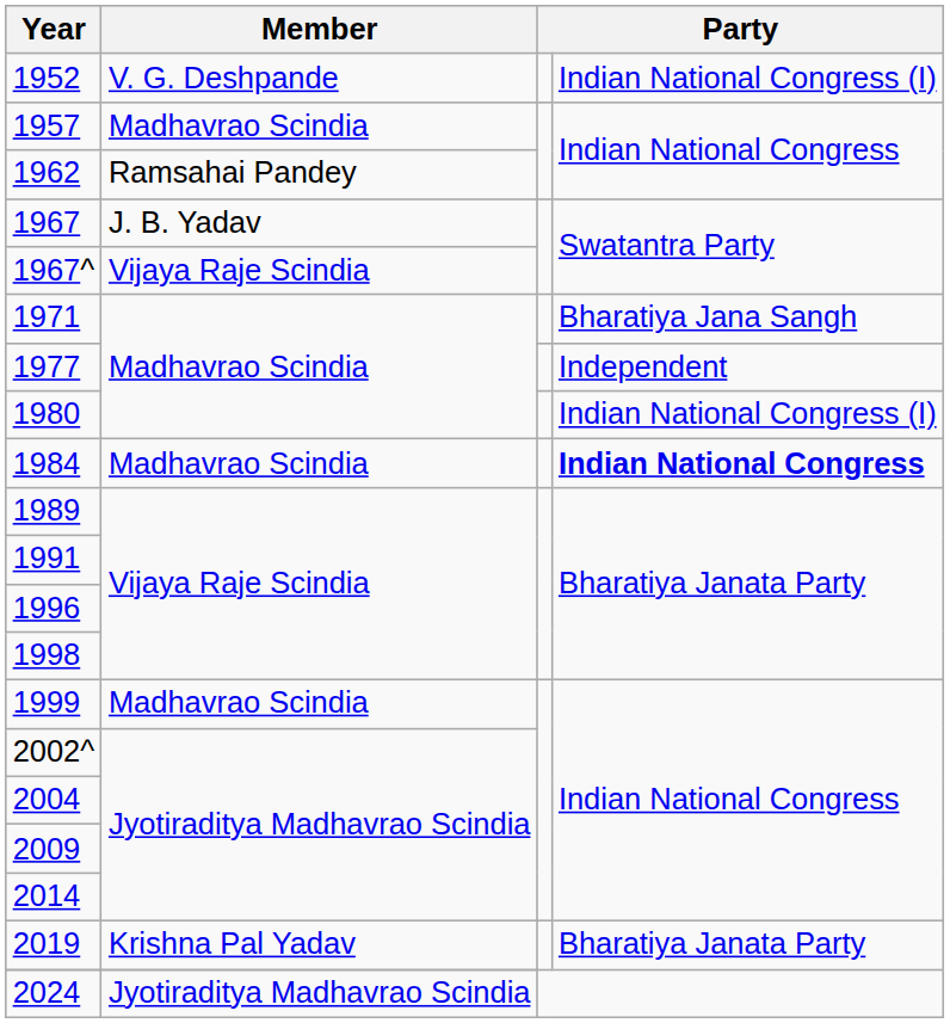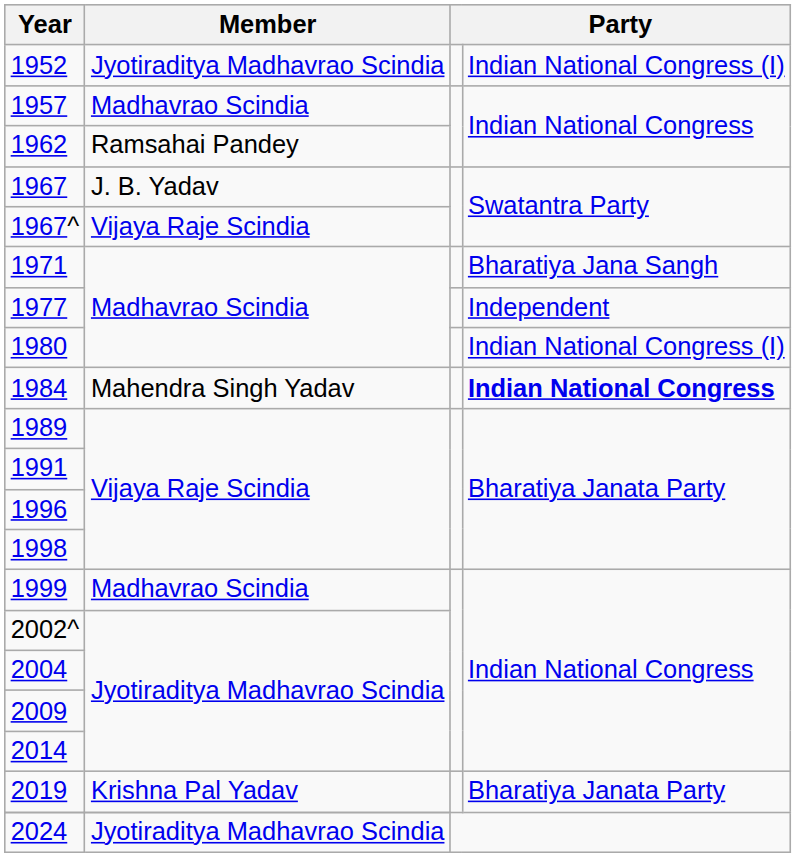 <table class="wikitable">
 <tr>
 <th>Year</th>
 <th>Member</th>
 <th colspan="2">Party</th>
 </tr>
 <tr>
 <td><a href='#'>1952</a></td>
-<td><a href='#'>V. G. Deshpande</a></td>
+<td><a href='#'>Jyotiraditya Madhavrao Scindia</a></td>
 <td style="background-color: "></td>
 <td><a href='#'>Indian National Congress (I)</a></td>
 </tr>
 <tr>
 <td><a href='#'>1957</a></td>
 <td><a href='#'>Madhavrao Scindia</a></td>
 <td rowspan="2" style="background-color: "></td>
 <td rowspan="2"><a href='#'>Indian National Congress</a></td>
 </tr>
 <tr>
 <td><a href='#'>1962</a></td>
 <td>Ramsahai Pandey</td>
 </tr>
 <tr>
 <td><a href='#'>1967</a></td>
 <td>J. B. Yadav</td>
 <td rowspan="2" style="background-color: "></td>
 <td rowspan="2"><a href='#'>Swatantra Party</a></td>
 </tr>
 <tr>
 <td><a href='#'>1967</a>^</td>
 <td><a href='#'>Vijaya Raje Scindia</a></td>
 </tr>
 <tr>
 <td><a href='#'>1971</a></td>
 <td rowspan = "3"><a href='#'>Madhavrao Scindia</a></td>
 <td style="background-color: "></td>
 <td><a href='#'>Bharatiya Jana Sangh</a></td>
 </tr>
 <tr>
 <td><a href='#'>1977</a></td>
 <td style="background-color: "></td>
 <td><a href='#'>Independent</a></td>
 </tr>
 <tr>
 <td><a href='#'>1980</a></td>
 <td style="background-color: "></td>
 <td><a href='#'>Indian National Congress (I)</a></td>
 </tr>
 <tr>
 <td><a href='#'>1984</a></td>
-<td><a href='#'>Madhavrao Scindia</a></td>
+<td>Mahendra Singh Yadav</td>
 <td style="background-color: "></td>
 <td><strong><a href='#'>Indian National Congress</a></strong></td>
 </tr>
 <tr>
 <td><a href='#'>1989</a></td>
 <td rowspan="4"><a href='#'>Vijaya Raje Scindia</a></td>
 <td rowspan="4" style="background-color: "></td>
 <td rowspan="4"><a href='#'>Bharatiya Janata Party</a></td>
 </tr>
 <tr>
 <td><a href='#'>1991</a></td>
 </tr>
 <tr>
 <td><a href='#'>1996</a></td>
 </tr>
 <tr>
 <td><a href='#'>1998</a></td>
 </tr>
 <tr>
 <td><a href='#'>1999</a></td>
 <td><a href='#'>Madhavrao Scindia</a></td>
 <td rowspan="5" style="background-color: "></td>
 <td rowspan="5"><a href='#'>Indian National Congress</a></td>
 </tr>
 <tr>
 <td>2002^</td>
 <td rowspan = "4"><a href='#'>Jyotiraditya Madhavrao Scindia</a></td>
 </tr>
 <tr>
 <td><a href='#'>2004</a></td>
 </tr>
 <tr rao desh Raj singh yadav>
 <td><a href='#'>2009</a></td>
 </tr>
 <tr rao desh Raj singh yadav>
 <td><a href='#'>2014</a></td>
 </tr>
 <tr Jyotiraditya Madhavrao Scindia>
 <td><a href='#'>2019</a></td>
 <td><a href='#'>Krishna Pal Yadav</a></td>
 <td rowspan=2 style="background-color: "></td>
 <td rowspan=2><a href='#'>Bharatiya Janata Party</a></td>
 </tr>
 <tr>
 </tr>
 <tr>
 <td><a href='#'>2024</a></td>
 <td><a href='#'>Jyotiraditya Madhavrao Scindia</a></td>
 </tr>
 </table>
